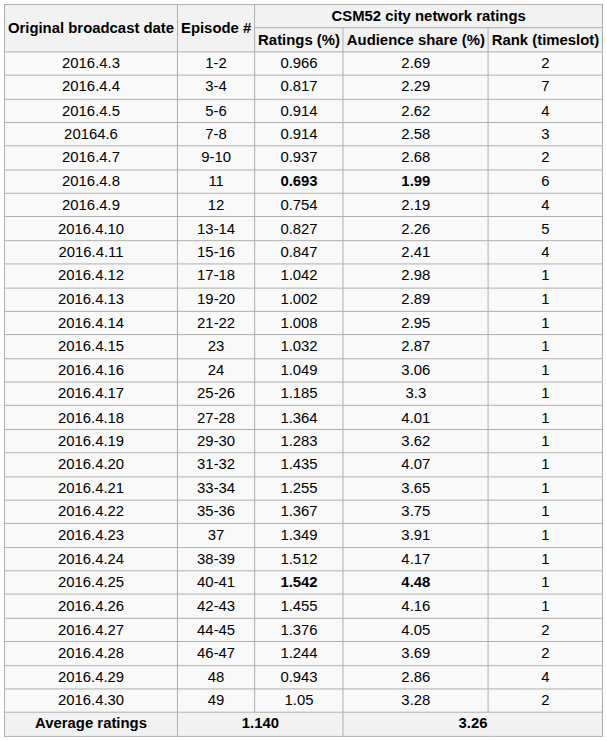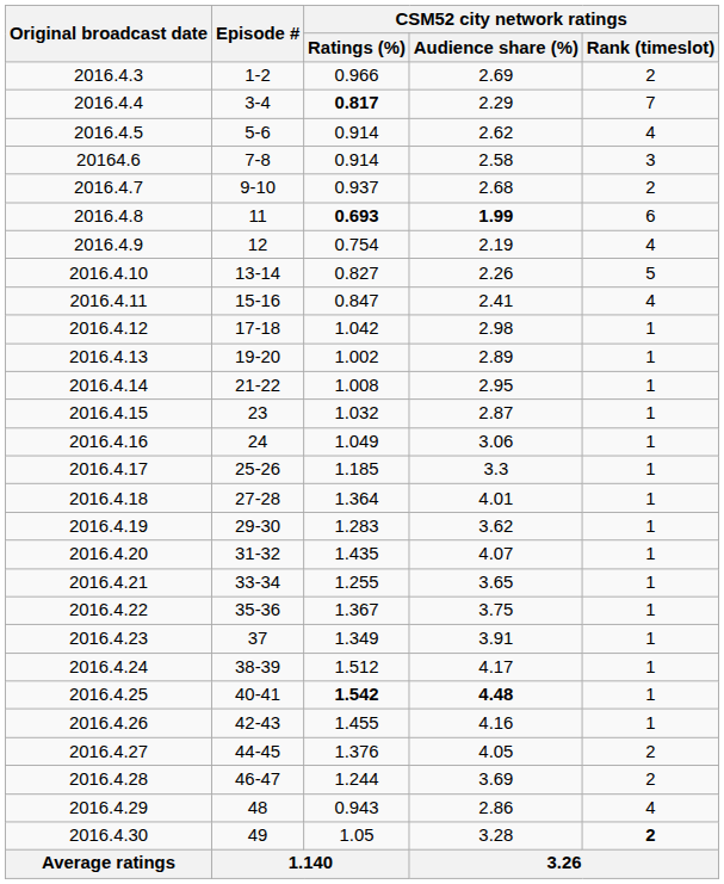 <table class="wikitable sortable mw-collapsible jquery-tablesorter" style="text-align:center">
 <tr>
 <th rowspan="2">Original broadcast date</th>
 <th rowspan="2">Episode #</th>
 <th colspan="3">CSM52 city network ratings</th>
 </tr>
 <tr>
 <th>Ratings (%)</th>
 <th>Audience share (%)</th>
 <th>Rank (timeslot)</th>
 </tr>
 <tr>
 <td>2016.4.3</td>
 <td>1-2</td>
 <td>0.966</td>
 <td>2.69</td>
 <td>2</td>
 </tr>
 <tr>
 <td>2016.4.4</td>
 <td>3-4</td>
-<td>0.817</td>
+<td><strong>0.817</strong></td>
 <td>2.29</td>
 <td>7</td>
 </tr>
 <tr>
 <td>2016.4.5</td>
 <td>5-6</td>
 <td>0.914</td>
 <td>2.62</td>
 <td>4</td>
 </tr>
 <tr>
 <td>20164.6</td>
 <td>7-8</td>
 <td>0.914</td>
 <td>2.58</td>
 <td>3</td>
 </tr>
 <tr>
 <td>2016.4.7</td>
 <td>9-10</td>
 <td>0.937</td>
 <td>2.68</td>
 <td>2</td>
 </tr>
 <tr>
 <td>2016.4.8</td>
 <td>11</td>
 <td><strong><span>0.693</span></strong></td>
 <td><strong><span>1.99</span></strong></td>
 <td>6</td>
 </tr>
 <tr>
 <td>2016.4.9</td>
 <td>12</td>
 <td>0.754</td>
 <td>2.19</td>
 <td>4</td>
 </tr>
 <tr>
 <td>2016.4.10</td>
 <td>13-14</td>
 <td>0.827</td>
 <td>2.26</td>
 <td>5</td>
 </tr>
 <tr>
 <td>2016.4.11</td>
 <td>15-16</td>
 <td>0.847</td>
 <td>2.41</td>
 <td>4</td>
 </tr>
 <tr>
 <td>2016.4.12</td>
 <td>17-18</td>
 <td>1.042</td>
 <td>2.98</td>
 <td>1</td>
 </tr>
 <tr>
 <td>2016.4.13</td>
 <td>19-20</td>
 <td>1.002</td>
 <td>2.89</td>
 <td>1</td>
 </tr>
 <tr>
 <td>2016.4.14</td>
 <td>21-22</td>
 <td>1.008</td>
 <td>2.95</td>
 <td>1</td>
 </tr>
 <tr>
 <td>2016.4.15</td>
 <td>23</td>
 <td>1.032</td>
 <td>2.87</td>
 <td>1</td>
 </tr>
 <tr>
 <td>2016.4.16</td>
 <td>24</td>
 <td>1.049</td>
 <td>3.06</td>
 <td>1</td>
 </tr>
 <tr>
 <td>2016.4.17</td>
 <td>25-26</td>
 <td>1.185</td>
 <td>3.3</td>
 <td>1</td>
 </tr>
 <tr>
 <td>2016.4.18</td>
 <td>27-28</td>
 <td>1.364</td>
 <td>4.01</td>
 <td>1</td>
 </tr>
 <tr>
 <td>2016.4.19</td>
 <td>29-30</td>
 <td>1.283</td>
 <td>3.62</td>
 <td>1</td>
 </tr>
 <tr>
 <td>2016.4.20</td>
 <td>31-32</td>
 <td>1.435</td>
 <td>4.07</td>
 <td>1</td>
 </tr>
 <tr>
 <td>2016.4.21</td>
 <td>33-34</td>
 <td>1.255</td>
 <td>3.65</td>
 <td>1</td>
 </tr>
 <tr>
 <td>2016.4.22</td>
 <td>35-36</td>
 <td>1.367</td>
 <td>3.75</td>
 <td>1</td>
 </tr>
 <tr>
 <td>2016.4.23</td>
 <td>37</td>
 <td>1.349</td>
 <td>3.91</td>
 <td>1</td>
 </tr>
 <tr>
 <td>2016.4.24</td>
 <td>38-39</td>
 <td>1.512</td>
 <td>4.17</td>
 <td>1</td>
 </tr>
 <tr>
 <td>2016.4.25</td>
 <td>40-41</td>
 <td><strong><span>1.542</span></strong></td>
 <td><strong><span>4.48</span></strong></td>
 <td>1</td>
 </tr>
 <tr>
 <td>2016.4.26</td>
 <td>42-43</td>
 <td>1.455</td>
 <td>4.16</td>
 <td>1</td>
 </tr>
 <tr>
 <td>2016.4.27</td>
 <td>44-45</td>
 <td>1.376</td>
 <td>4.05</td>
 <td>2</td>
 </tr>
 <tr>
 <td>2016.4.28</td>
 <td>46-47</td>
 <td>1.244</td>
 <td>3.69</td>
 <td>2</td>
 </tr>
 <tr>
 <td>2016.4.29</td>
 <td>48</td>
 <td>0.943</td>
 <td>2.86</td>
 <td>4</td>
 </tr>
 <tr>
 <td>2016.4.30</td>
 <td>49</td>
 <td>1.05</td>
 <td>3.28</td>
-<td>2</td>
+<td><strong>2</strong></td>
 </tr>
 <tr>
 <th colspan="1" rowspan="1">Average ratings</th>
 <th colspan="2" rowspan="1">1.140</th>
 <th colspan="2" rowspan="1">3.26</th>
 </tr>
 </table>
